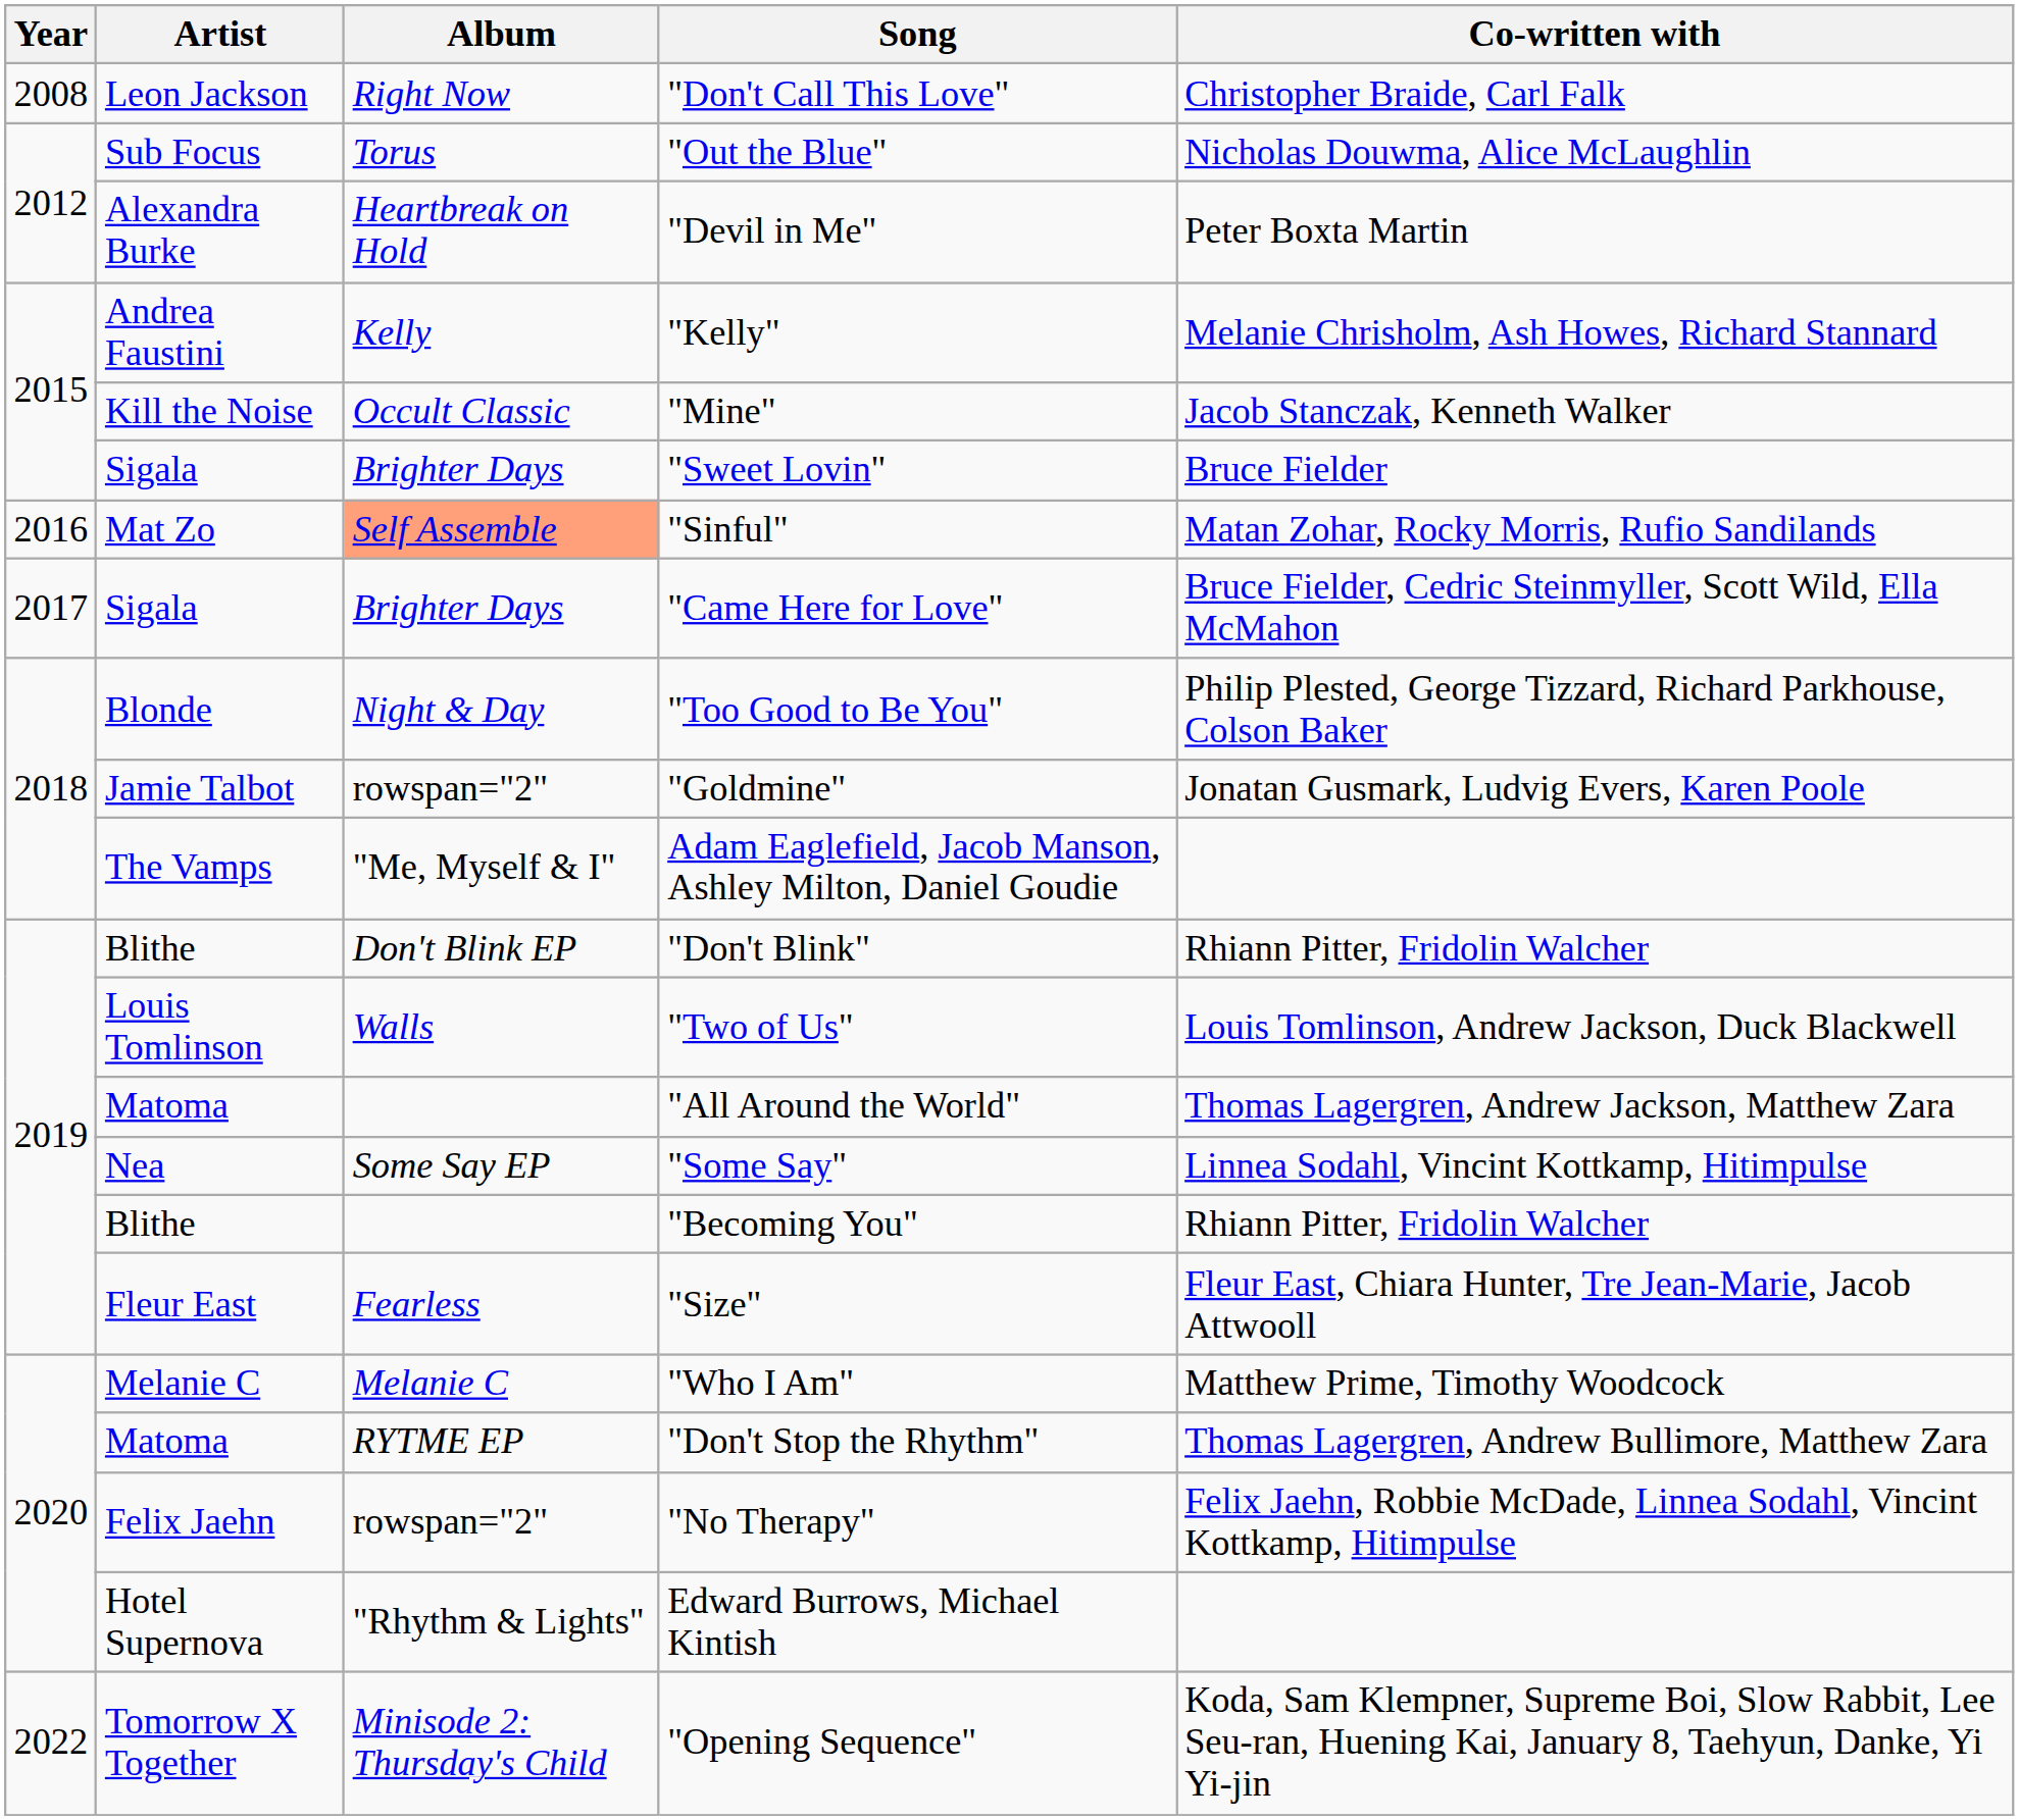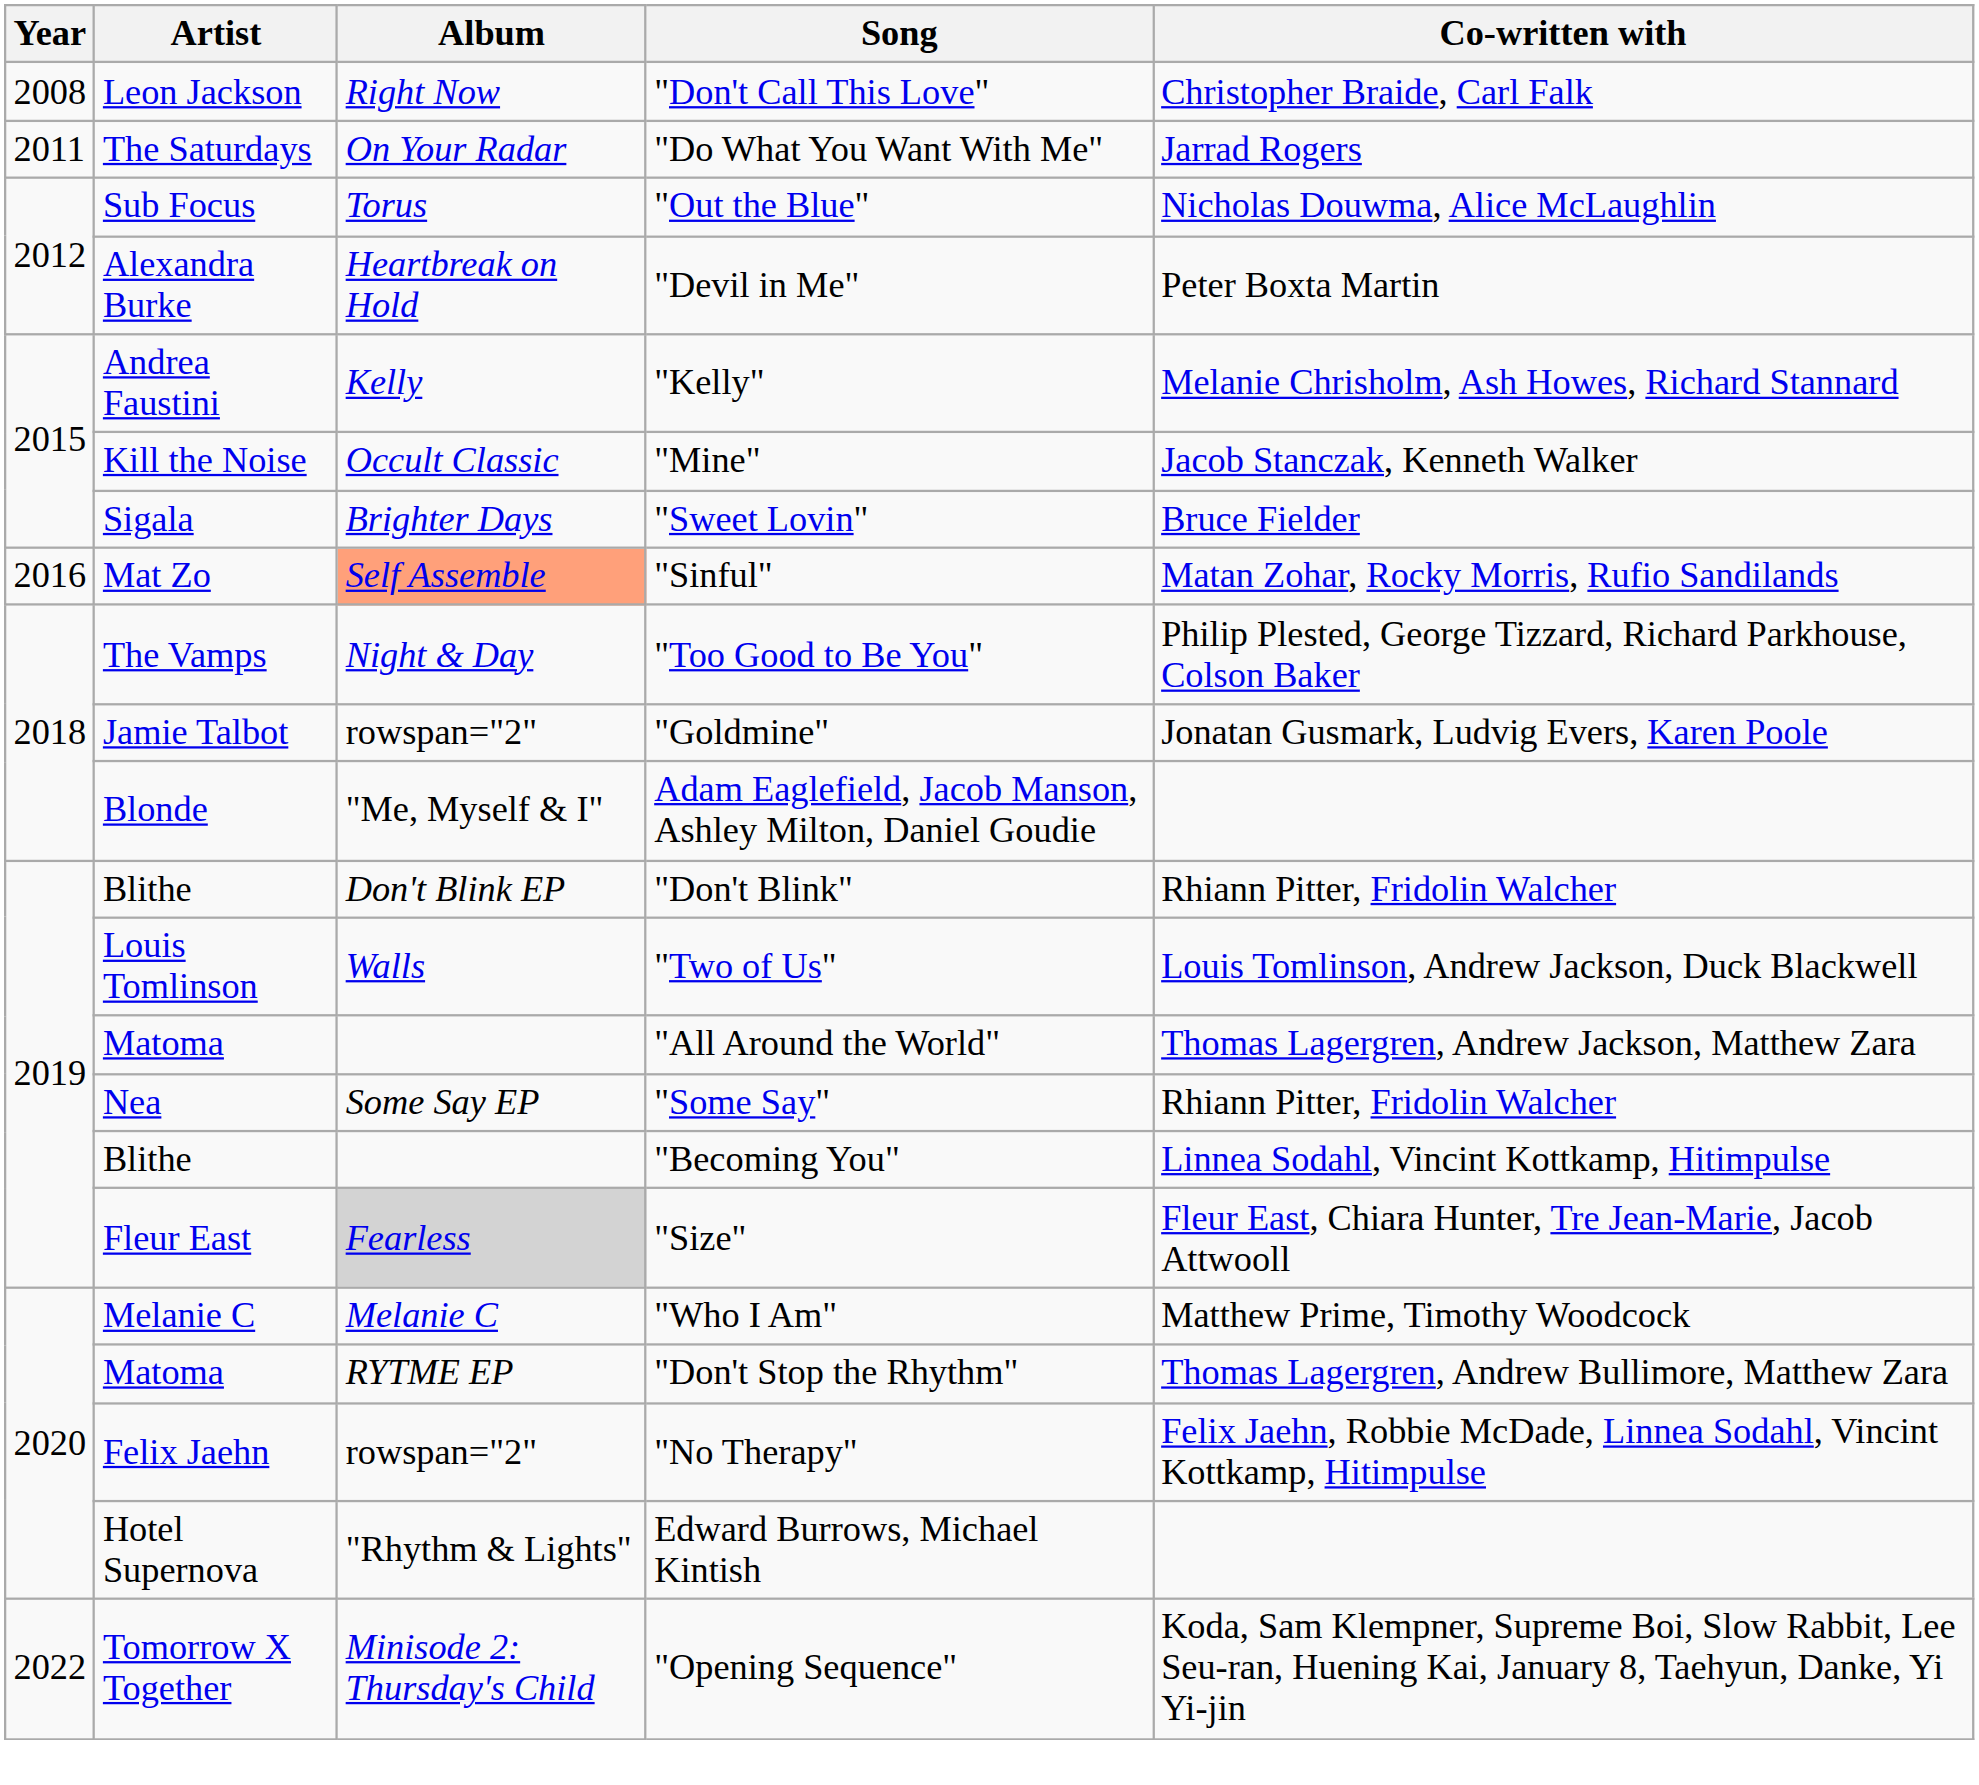 <table class="wikitable">
 <tr>
 <th>Year</th>
 <th>Artist</th>
 <th>Album</th>
 <th>Song</th>
 <th>Co-written with</th>
 </tr>
 <tr>
 <td>2008</td>
 <td><a href='#'>Leon Jackson</a></td>
 <td><em><a href='#'>Right Now</a></em></td>
 <td>"<a href='#'>Don't Call This Love</a>"</td>
 <td><a href='#'>Christopher Braide</a>, <a href='#'>Carl Falk</a></td>
+</tr>
+<tr>
+<td>2011</td>
+<td><a href='#'>The Saturdays</a></td>
+<td><em><a href='#'>On Your Radar</a></em></td>
+<td>"Do What You Want With Me"</td>
+<td><a href='#'>Jarrad Rogers</a></td>
 </tr>
 <tr>
 <td rowspan="2">2012</td>
 <td><a href='#'>Sub Focus</a></td>
 <td><em><a href='#'>Torus</a></em></td>
 <td>"<a href='#'>Out the Blue</a>" </td>
 <td><a href='#'>Nicholas Douwma</a>, <a href='#'>Alice McLaughlin</a></td>
 </tr>
 <tr>
 <td><a href='#'>Alexandra Burke</a></td>
 <td><em><a href='#'>Heartbreak on Hold</a></em></td>
 <td>"Devil in Me"</td>
 <td>Peter Boxta Martin</td>
 </tr>
 <tr>
 <td rowspan="3">2015</td>
 <td><a href='#'>Andrea Faustini</a></td>
 <td><em><a href='#'>Kelly</a></em></td>
 <td>"Kelly"</td>
 <td><a href='#'>Melanie Chrisholm</a>, <a href='#'>Ash Howes</a>, <a href='#'>Richard Stannard</a></td>
 </tr>
 <tr>
 <td><a href='#'>Kill the Noise</a></td>
 <td><em><a href='#'>Occult Classic</a></em></td>
 <td>"Mine" </td>
 <td><a href='#'>Jacob Stanczak</a>, Kenneth Walker</td>
 </tr>
 <tr>
 <td><a href='#'>Sigala</a></td>
 <td><em><a href='#'>Brighter Days</a></em></td>
 <td>"<a href='#'>Sweet Lovin</a>" </td>
 <td><a href='#'>Bruce Fielder</a></td>
 </tr>
 <tr>
 <td>2016</td>
 <td><a href='#'>Mat Zo</a></td>
 <td style="background: lightsalmon;"><em><a href='#'>Self Assemble</a></em></td>
 <td>"Sinful" </td>
 <td><a href='#'>Matan Zohar</a>, <a href='#'>Rocky Morris</a>, <a href='#'>Rufio Sandilands</a></td>
 </tr>
 <tr>
-<td>2017</td>
-<td><a href='#'>Sigala</a></td>
-<td><em><a href='#'>Brighter Days</a></em></td>
-<td>"<a href='#'>Came Here for Love</a>" </td>
-<td><a href='#'>Bruce Fielder</a>, <a href='#'>Cedric Steinmyller</a>, Scott Wild, <a href='#'>Ella McMahon</a></td>
-</tr>
-<tr>
 <td rowspan="3">2018</td>
-<td><a href='#'>Blonde</a></td>
+<td><a href='#'>The Vamps</a></td>
 <td><em><a href='#'>Night & Day</a></em></td>
 <td>"<a href='#'>Too Good to Be You</a>" </td>
 <td>Philip Plested, George Tizzard, Richard Parkhouse, <a href='#'>Colson Baker</a></td>
 </tr>
 <tr>
 <td><a href='#'>Jamie Talbot</a></td>
 <td>rowspan="2" </td>
 <td>"Goldmine"</td>
 <td>Jonatan Gusmark, Ludvig Evers, <a href='#'>Karen Poole</a></td>
 </tr>
 <tr>
-<td><a href='#'>The Vamps</a></td>
+<td><a href='#'>Blonde</a></td>
 <td>"Me, Myself & I" </td>
 <td><a href='#'>Adam Eaglefield</a>, <a href='#'>Jacob Manson</a>, Ashley Milton, Daniel Goudie</td>
 </tr>
 <tr>
 <td rowspan="6">2019</td>
 <td>Blithe</td>
 <td><em>Don't Blink EP</em></td>
 <td>"Don't Blink"</td>
 <td>Rhiann Pitter, <a href='#'>Fridolin Walcher</a></td>
 </tr>
 <tr>
 <td><a href='#'>Louis Tomlinson</a></td>
 <td><em><a href='#'>Walls</a></em></td>
 <td>"<a href='#'>Two of Us</a>"</td>
 <td><a href='#'>Louis Tomlinson</a>, Andrew Jackson, Duck Blackwell</td>
 </tr>
 <tr>
 <td><a href='#'>Matoma</a></td>
 <td></td>
 <td>"All Around the World" </td>
 <td><a href='#'>Thomas Lagergren</a>, Andrew Jackson, Matthew Zara</td>
 </tr>
 <tr>
 <td><a href='#'>Nea</a></td>
 <td><em>Some Say EP</em></td>
 <td>"<a href='#'>Some Say</a>"</td>
-<td><a href='#'>Linnea Sodahl</a>, Vincint Kottkamp, <a href='#'>Hitimpulse</a></td>
+<td>Rhiann Pitter, <a href='#'>Fridolin Walcher</a></td>
 </tr>
 <tr>
 <td>Blithe</td>
 <td></td>
 <td>"Becoming You"</td>
-<td>Rhiann Pitter, <a href='#'>Fridolin Walcher</a></td>
+<td><a href='#'>Linnea Sodahl</a>, Vincint Kottkamp, <a href='#'>Hitimpulse</a></td>
 </tr>
 <tr>
 <td><a href='#'>Fleur East</a></td>
-<td><em><a href='#'>Fearless</a></em></td>
+<td style="background: lightgrey;"><em><a href='#'>Fearless</a></em></td>
 <td>"Size"</td>
 <td><a href='#'>Fleur East</a>, Chiara Hunter, <a href='#'>Tre Jean-Marie</a>, Jacob Attwooll</td>
 </tr>
 <tr>
 <td rowspan="4">2020</td>
 <td><a href='#'>Melanie C</a></td>
 <td><em><a href='#'>Melanie C</a></em></td>
 <td>"Who I Am"</td>
 <td>Matthew Prime, Timothy Woodcock</td>
 </tr>
 <tr>
 <td><a href='#'>Matoma</a></td>
 <td><em>RYTME EP</em></td>
 <td>"Don't Stop the Rhythm" </td>
 <td><a href='#'>Thomas Lagergren</a>, Andrew Bullimore, Matthew Zara</td>
 </tr>
 <tr>
 <td><a href='#'>Felix Jaehn</a></td>
 <td>rowspan="2" </td>
 <td>"No Therapy" </td>
 <td><a href='#'>Felix Jaehn</a>, Robbie McDade, <a href='#'>Linnea Sodahl</a>, Vincint Kottkamp, <a href='#'>Hitimpulse</a></td>
 </tr>
 <tr>
 <td>Hotel Supernova</td>
 <td>"Rhythm & Lights" </td>
 <td>Edward Burrows, Michael Kintish</td>
 </tr>
 <tr>
 <td>2022</td>
 <td><a href='#'>Tomorrow X Together</a></td>
 <td><em><a href='#'>Minisode 2: Thursday's Child</a></em></td>
 <td>"Opening Sequence"</td>
 <td>Koda, Sam Klempner, Supreme Boi, Slow Rabbit, Lee Seu-ran, Huening Kai, January 8, Taehyun, Danke, Yi Yi-jin</td>
 </tr>
 </table>
